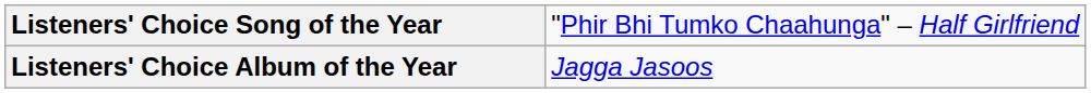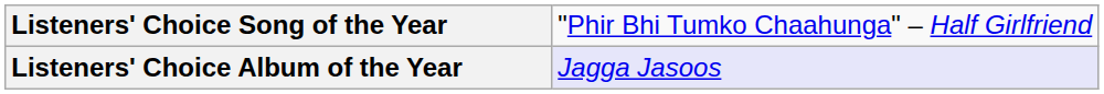 <table class="wikitable">
 <tr>
 <th style="text-align: left; width:50%;">Listeners' Choice Song of the Year</th>
 <td>"<a href='#'>Phir Bhi Tumko Chaahunga</a>" – <em><a href='#'>Half Girlfriend</a></em></td>
 </tr>
 <tr>
 <th style="text-align: left;">Listeners' Choice Album of the Year</th>
-<td><em><a href='#'>Jagga Jasoos</a></em></td>
+<td style="background: lavender;"><em><a href='#'>Jagga Jasoos</a></em></td>
 </tr>
 </table>
